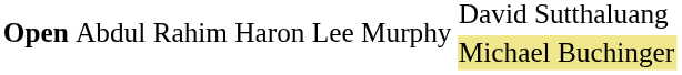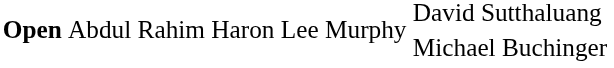 <table>
 <tr>
 <th scope=row rowspan=2>Open</th>
 <td rowspan=2> Abdul Rahim Haron</td>
 <td rowspan=2> Lee Murphy</td>
 <td> David Sutthaluang</td>
 </tr>
 <tr>
-<td style="background: khaki;"> Michael Buchinger</td>
+<td> Michael Buchinger</td>
 </tr>
 <tr>
 </tr>
 </table>
